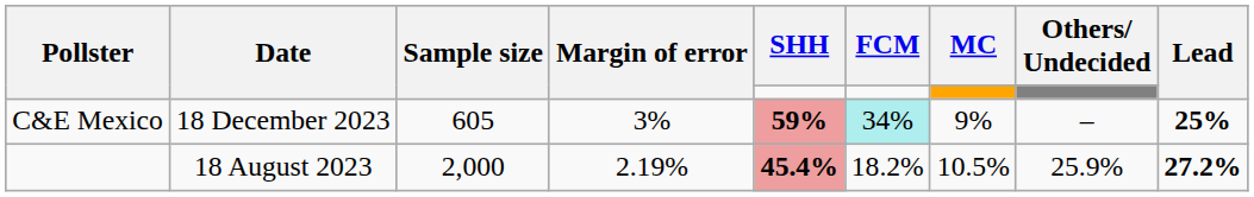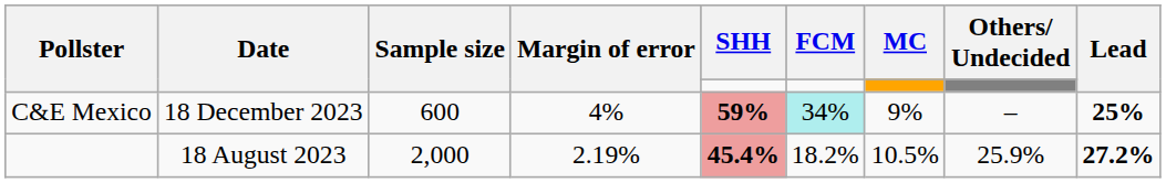 <table class="wikitable" style="text-align:center;font-size:90%;line-height:17px;">
 <tr>
 <th rowspan="2">Pollster</th>
 <th rowspan="2">Date</th>
 <th rowspan="2">Sample size</th>
 <th rowspan="2">Margin of error</th>
 <th class="wikitable"><a href='#'>SHH</a></th>
 <th class="wikitable"><a href='#'>FCM</a></th>
 <th class="wikitable"><a href='#'>MC</a></th>
 <th class="wikitable">Others/<br>Undecided</th>
 <th rowspan="2">Lead</th>
 </tr>
 <tr>
 <td></td>
 <td></td>
 <td style="background:orange;"></td>
 <td style="background:grey;"></td>
 </tr>
 <tr>
 <td>C&E Mexico</td>
 <td>18 December 2023</td>
-<td>605</td>
-<td>3%</td>
+<td>600</td>
+<td>4%</td>
 <td bgcolor="#ee9e9e"><strong>59%</strong></td>
 <td style="background: paleturquoise;">34%</td>
 <td>9%</td>
 <td>–</td>
 <td style="background:"><span><strong>25%</strong></span></td>
 </tr>
 <tr>
 <td></td>
 <td>18 August 2023</td>
 <td>2,000</td>
 <td>2.19%</td>
 <td bgcolor="#ee9e9e"><strong>45.4%</strong></td>
 <td>18.2%</td>
 <td>10.5%</td>
 <td>25.9%</td>
 <td style="background:"><span><strong>27.2%</strong></span></td>
 </tr>
 </table>
